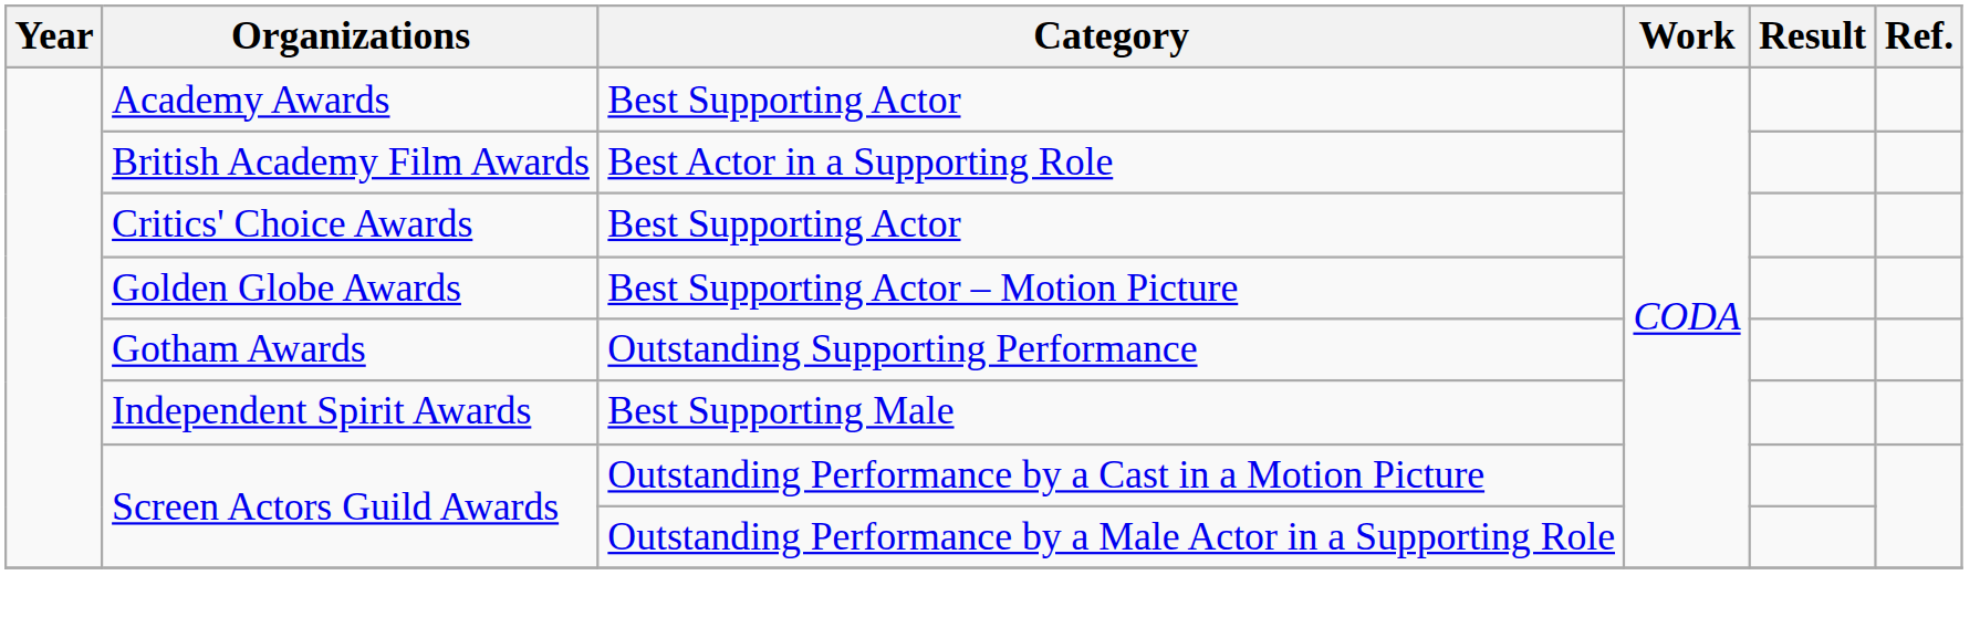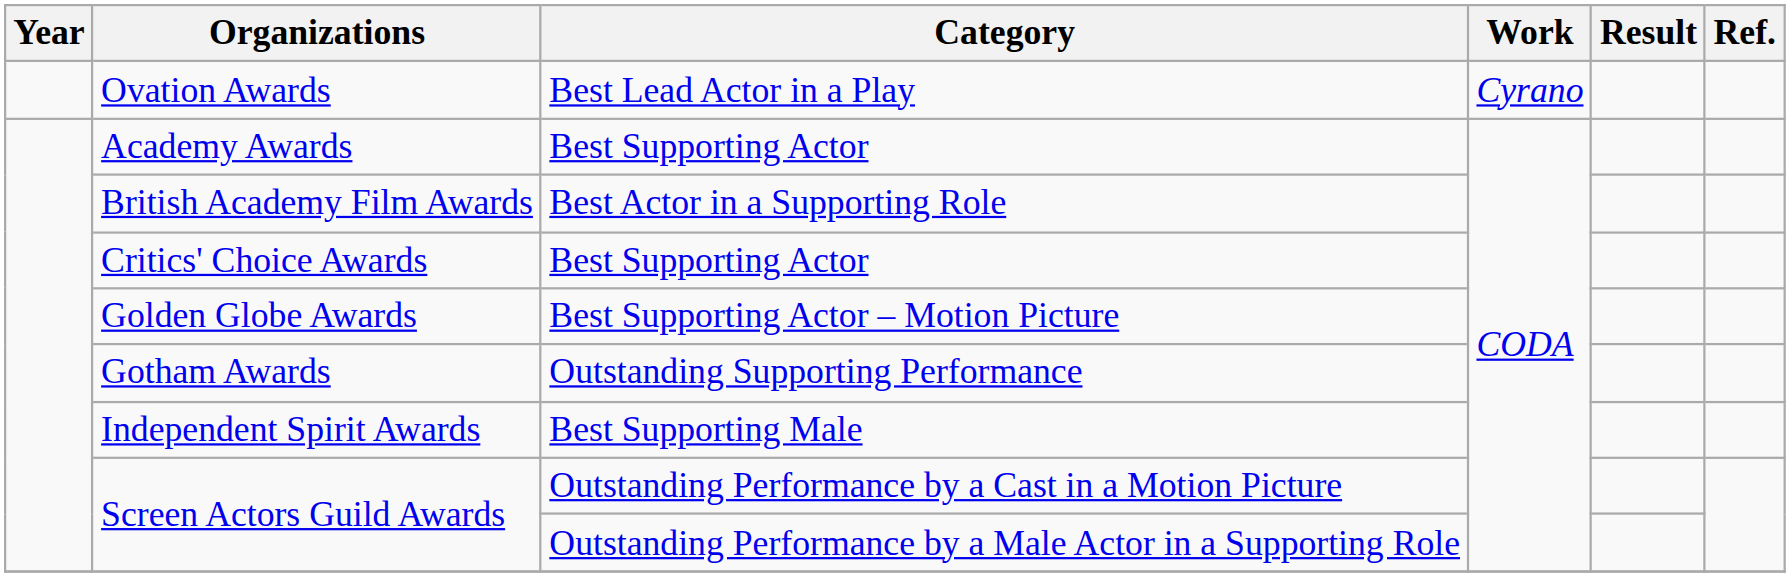 <table class="wikitable sortable plainrowheaders">
 <tr>
 <th>Year</th>
 <th>Organizations</th>
 <th>Category</th>
 <th>Work</th>
 <th>Result</th>
 <th>Ref.</th>
+</tr>
+<tr>
+<td></td>
+<td><a href='#'>Ovation Awards</a></td>
+<td><a href='#'>Best Lead Actor in a Play</a></td>
+<td><em><a href='#'>Cyrano</a></em></td>
+<td></td>
+<td align="center"></td>
 </tr>
 <tr>
 <td rowspan="8"></td>
 <td><a href='#'>Academy Awards</a></td>
 <td><a href='#'>Best Supporting Actor</a></td>
 <td rowspan="8"><em><a href='#'>CODA</a></em></td>
 <td></td>
 <td align="center"></td>
 </tr>
 <tr>
 <td><a href='#'>British Academy Film Awards</a></td>
 <td><a href='#'>Best Actor in a Supporting Role</a></td>
 <td></td>
 <td align="center"></td>
 </tr>
 <tr>
 <td><a href='#'>Critics' Choice Awards</a></td>
 <td><a href='#'>Best Supporting Actor</a></td>
 <td></td>
 <td align="center"></td>
 </tr>
 <tr>
 <td><a href='#'>Golden Globe Awards</a></td>
 <td><a href='#'>Best Supporting Actor – Motion Picture</a></td>
 <td></td>
 <td align="center"></td>
 </tr>
 <tr>
 <td><a href='#'>Gotham Awards</a></td>
 <td><a href='#'>Outstanding Supporting Performance</a></td>
 <td></td>
 <td align="center"></td>
 </tr>
 <tr>
 <td><a href='#'>Independent Spirit Awards</a></td>
 <td><a href='#'>Best Supporting Male</a></td>
 <td></td>
 <td align="center"></td>
 </tr>
 <tr>
 <td rowspan="2"><a href='#'>Screen Actors Guild Awards</a></td>
 <td><a href='#'>Outstanding Performance by a Cast in a Motion Picture</a></td>
 <td></td>
 <td rowspan="2" align="center"></td>
 </tr>
 <tr>
 <td><a href='#'>Outstanding Performance by a Male Actor in a Supporting Role</a></td>
 <td></td>
 </tr>
 <tr>
 </tr>
 </table>
